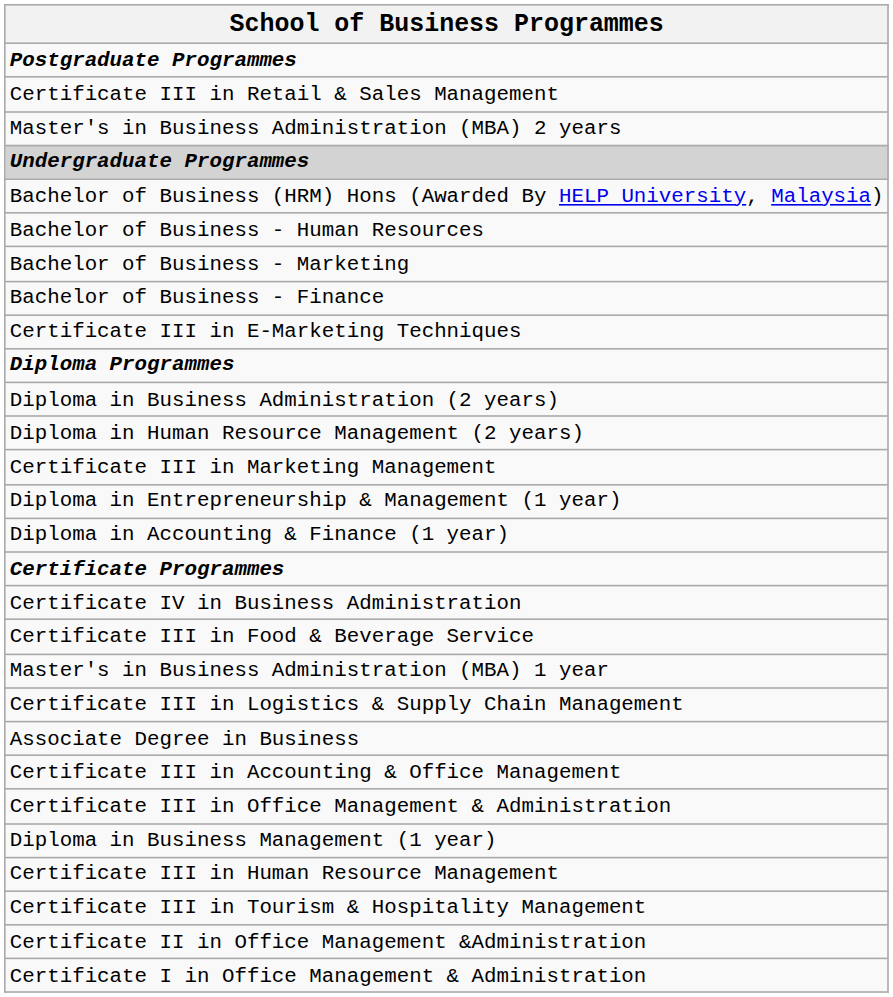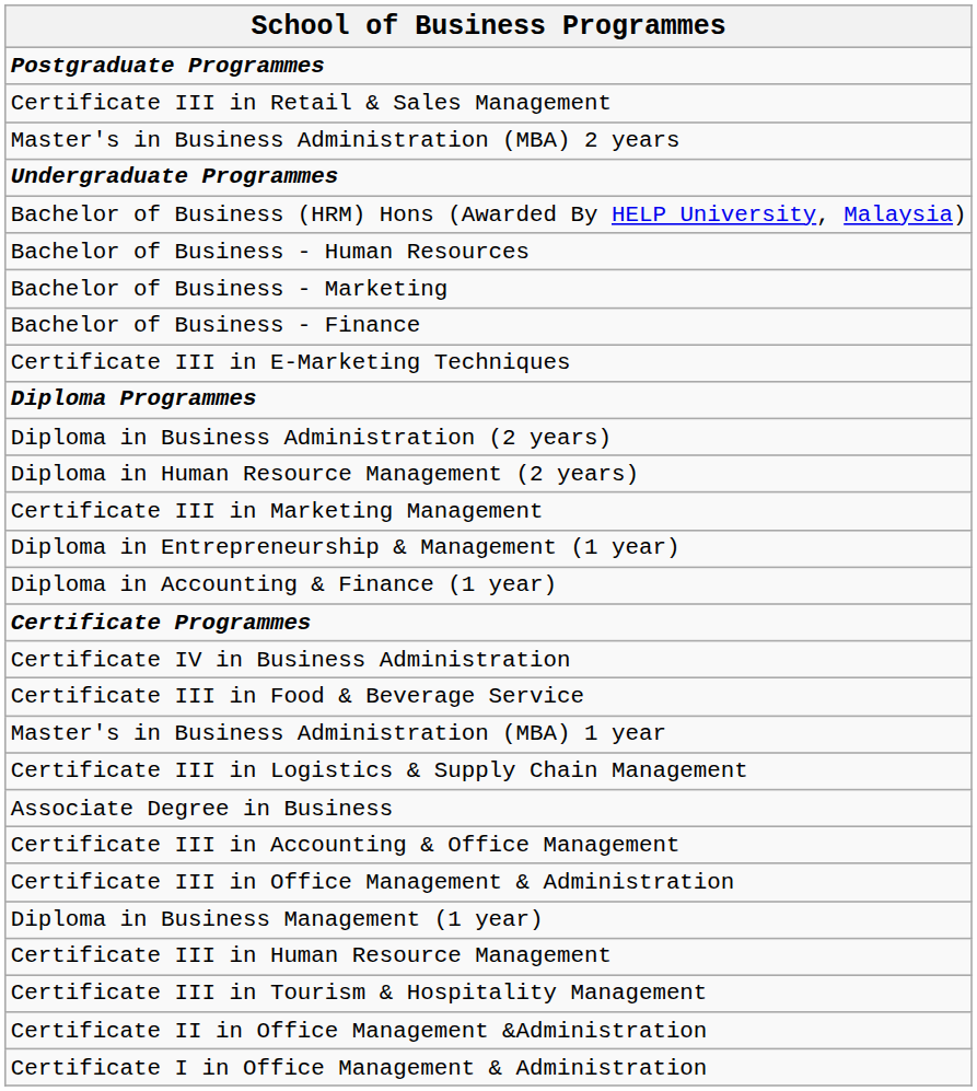 <table class="wikitable">
 <tr>
 <th><strong><big>School of Business Programmes</big></strong></th>
 </tr>
 <tr>
 <td><strong><em>Postgraduate Programmes</em></strong></td>
 </tr>
 <tr>
 <td>Certificate III in Retail & Sales Management</td>
 </tr>
 <tr>
 <td>Master's in Business Administration (MBA) 2 years</td>
 </tr>
 <tr>
-<td style="background: lightgrey;"><strong><em>Undergraduate Programmes</em></strong></td>
+<td><strong><em>Undergraduate Programmes</em></strong></td>
 </tr>
 <tr>
 <td>Bachelor of Business (HRM) Hons (Awarded By <a href='#'>HELP University</a>, <a href='#'>Malaysia</a>)</td>
 </tr>
 <tr>
 <td>Bachelor of Business  - Human Resources</td>
 </tr>
 <tr>
 <td>Bachelor of Business  - Marketing</td>
 </tr>
 <tr>
 <td>Bachelor of Business  - Finance</td>
 </tr>
 <tr>
 <td>Certificate III in E-Marketing Techniques</td>
 </tr>
 <tr>
 <td><strong><em>Diploma Programmes</em></strong></td>
 </tr>
 <tr>
 <td>Diploma in Business Administration (2 years)</td>
 </tr>
 <tr>
 <td>Diploma in Human Resource Management (2 years)</td>
 </tr>
 <tr>
 <td>Certificate III in Marketing Management</td>
 </tr>
 <tr>
 <td>Diploma in Entrepreneurship & Management (1 year)</td>
 </tr>
 <tr>
 <td>Diploma in Accounting & Finance (1 year)</td>
 </tr>
 <tr>
 <td><strong><em>Certificate Programmes</em></strong></td>
 </tr>
 <tr>
 <td>Certificate IV in Business Administration</td>
 </tr>
 <tr>
 <td>Certificate III in Food & Beverage Service</td>
 </tr>
 <tr>
 <td>Master's in Business Administration (MBA) 1 year</td>
 </tr>
 <tr>
 <td>Certificate III in Logistics & Supply Chain Management</td>
 </tr>
 <tr>
 <td>Associate Degree in Business</td>
 </tr>
 <tr>
 <td>Certificate III in Accounting & Office Management</td>
 </tr>
 <tr>
 <td>Certificate III in Office Management & Administration</td>
 </tr>
 <tr>
 <td>Diploma in Business Management (1 year)</td>
 </tr>
 <tr>
 <td>Certificate III in Human Resource Management</td>
 </tr>
 <tr>
 <td>Certificate III in Tourism & Hospitality Management</td>
 </tr>
 <tr>
 <td>Certificate II in Office Management &Administration</td>
 </tr>
 <tr>
 <td>Certificate I in Office Management & Administration</td>
 </tr>
 </table>
